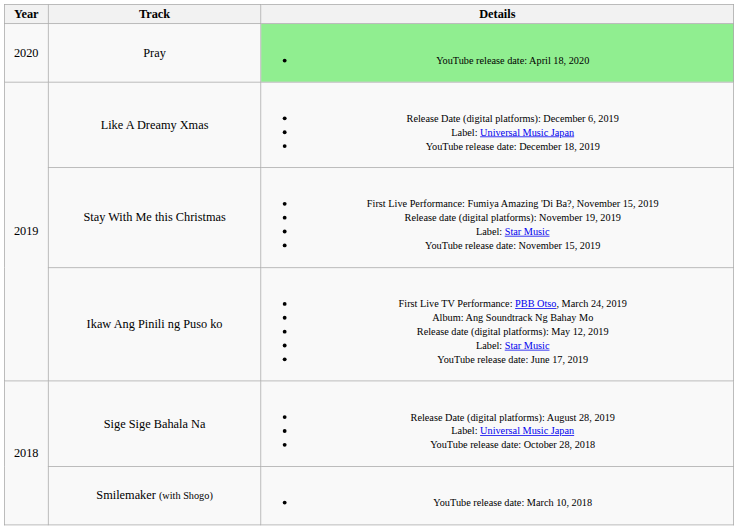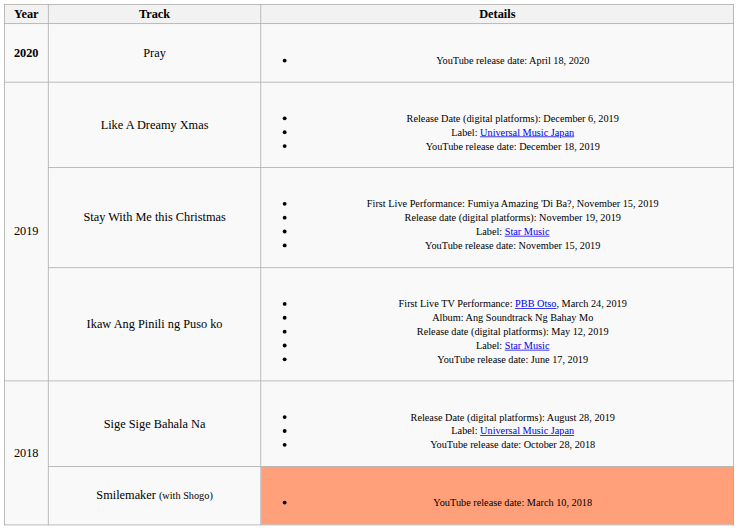 <table class="wikitable" style="text-align:center; width:75%">
 <tr>
 <th>Year</th>
 <th>Track</th>
 <th>Details</th>
 </tr>
 <tr>
-<td>2020</td>
+<td><strong>2020</strong></td>
 <td>Pray</td>
-<td style="background: lightgreen;"><br><ul><li><small>YouTube release date: April 18, 2020</small></li></ul></td>
+<td><br><ul><li><small>YouTube release date: April 18, 2020</small></li></ul></td>
 </tr>
 <tr>
 <td rowspan="3">2019</td>
 <td>Like A Dreamy Xmas</td>
 <td><br><ul><li><small>Release Date (digital platforms): December 6, 2019</small></li><li><small>Label: <a href='#'>Universal Music Japan</a></small></li><li><small>YouTube release date: December 18, 2019</small></li></ul></td>
 </tr>
 <tr>
 <td>Stay With Me this Christmas</td>
 <td><br><ul><li><small>First Live Performance: Fumiya Amazing 'Di Ba?, November 15, 2019</small></li><li><small>Release date (digital platforms): November 19, 2019</small></li><li><small>Label: <a href='#'>Star Music</a></small></li><li><small>YouTube release date: November 15, 2019</small></li></ul></td>
 </tr>
 <tr>
 <td>Ikaw Ang Pinili ng Puso ko</td>
 <td><br><ul><li><small>First Live TV Performance: <a href='#'>PBB Otso</a>, March 24, 2019</small></li><li><small>Album: Ang Soundtrack Ng Bahay Mo</small></li><li><small>Release date (digital platforms): May 12, 2019</small></li><li><small>Label: <a href='#'>Star Music</a></small></li><li><small>YouTube release date: June 17, 2019</small></li></ul></td>
 </tr>
 <tr>
 <td rowspan="3">2018</td>
 <td>Sige Sige Bahala Na</td>
 <td><br><ul><li><small>Release Date (digital platforms): August 28, 2019</small></li><li><small>Label: <a href='#'>Universal Music Japan</a></small></li><li><small>YouTube release date: October 28, 2018</small></li></ul></td>
 </tr>
 <tr>
 <td>Smilemaker <small>(with Shogo)</small></td>
-<td><br><ul><li><small>YouTube release date: March 10, 2018</small></li></ul></td>
+<td style="background: lightsalmon;"><br><ul><li><small>YouTube release date: March 10, 2018</small></li></ul></td>
 </tr>
 </table>
